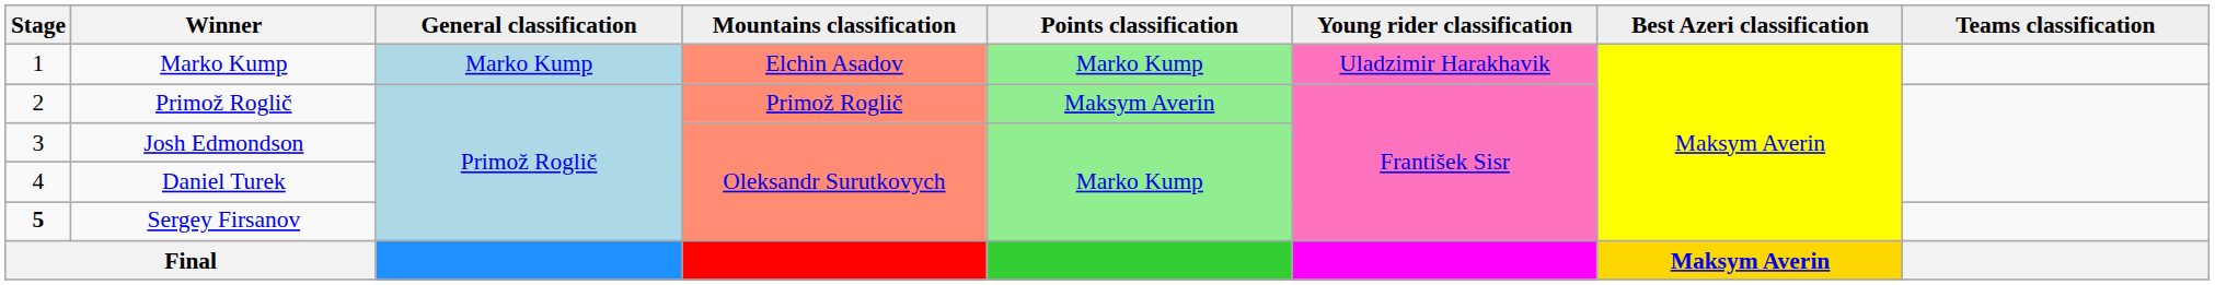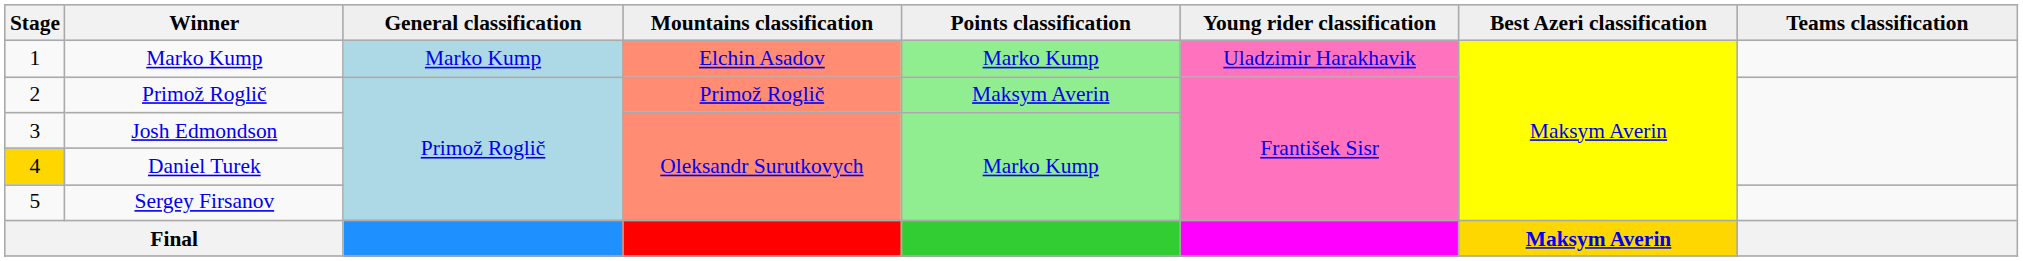 <table class="wikitable" style="text-align: center; font-size:smaller;">
 <tr style="background:#efefef;">
 <th style="width:2%;">Stage</th>
 <th style="width:14%;">Winner</th>
 <th style="background:#efefef; width:14%;">General classification<br></th>
 <th style="background:#efefef; width:14%;">Mountains classification<br></th>
 <th style="background:#efefef; width:14%;">Points classification<br></th>
 <th style="background:#efefef; width:14%;">Young rider classification<br></th>
 <th style="background:#efefef; width:14%;">Best Azeri classification<br></th>
 <th style="background:#efefef; width:14%;">Teams classification</th>
 </tr>
 <tr>
 <td>1</td>
 <td><a href='#'>Marko Kump</a></td>
 <td style="background:lightblue;"><a href='#'>Marko Kump</a></td>
 <td style="background:#FF8C73;"><a href='#'>Elchin Asadov</a></td>
 <td style="background:lightgreen;"><a href='#'>Marko Kump</a></td>
 <td style="background:#FF73BE;"><a href='#'>Uladzimir Harakhavik</a></td>
 <td style="background:yellow;" rowspan=5><a href='#'>Maksym Averin</a></td>
 <td></td>
 </tr>
 <tr>
 <td>2</td>
 <td><a href='#'>Primož Roglič</a></td>
 <td style="background:lightblue;" rowspan=4><a href='#'>Primož Roglič</a></td>
 <td style="background:#FF8C73;"><a href='#'>Primož Roglič</a></td>
 <td style="background:lightgreen;"><a href='#'>Maksym Averin</a></td>
 <td style="background:#FF73BE;" rowspan=4><a href='#'>František Sisr</a></td>
 <td rowspan=3></td>
 </tr>
 <tr>
 <td>3</td>
 <td><a href='#'>Josh Edmondson</a></td>
 <td style="background:#FF8C73;" rowspan=3><a href='#'>Oleksandr Surutkovych</a></td>
 <td style="background:lightgreen;" rowspan=3><a href='#'>Marko Kump</a></td>
 </tr>
 <tr>
-<td>4</td>
+<td style="background: gold;">4</td>
 <td><a href='#'>Daniel Turek</a></td>
 </tr>
 <tr>
-<td><strong>5</strong></td>
+<td>5</td>
 <td><a href='#'>Sergey Firsanov</a></td>
 <td></td>
 </tr>
 <tr>
 <th colspan=2>Final</th>
 <th style="background:dodgerblue;"></th>
 <th style="background:red;"></th>
 <th style="background:limegreen;"></th>
 <th style="background:magenta;"></th>
 <th style="background:gold;"><a href='#'>Maksym Averin</a></th>
 <th style="background:offwhite;"></th>
 </tr>
 </table>
